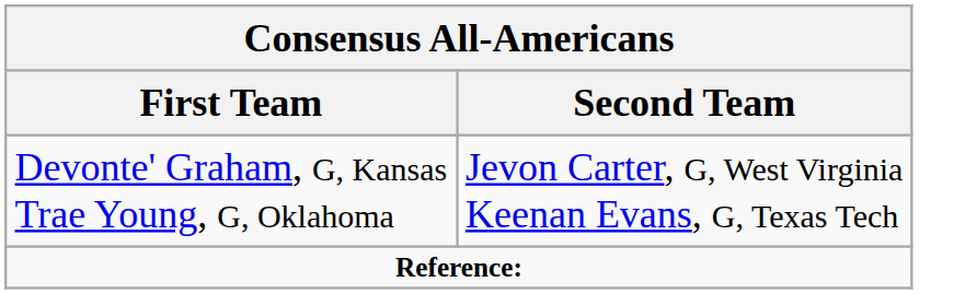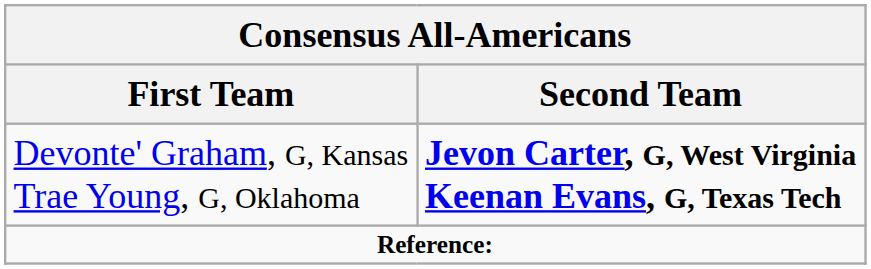 <table class="wikitable" style="font-size: 95%">
 <tr>
 <th Colspan=2>Consensus All-Americans</th>
 </tr>
 <tr>
 <th>First Team</th>
 <th>Second Team</th>
 </tr>
 <tr>
 <td><a href='#'>Devonte' Graham</a>, <small>G, Kansas</small><br><a href='#'>Trae Young</a>, <small>G, Oklahoma</small></td>
-<td><a href='#'>Jevon Carter</a>, <small>G, West Virginia</small><br><a href='#'>Keenan Evans</a>, <small>G, Texas Tech</small></td>
+<td><strong><a href='#'>Jevon Carter</a>, <small>G, West Virginia</small><br><a href='#'>Keenan Evans</a>, <small>G, Texas Tech</small></strong></td>
 </tr>
 <tr>
 <td colspan="4"  style="font-size:8pt; text-align:center;"><strong>Reference:</strong></td>
 </tr>
 </table>
